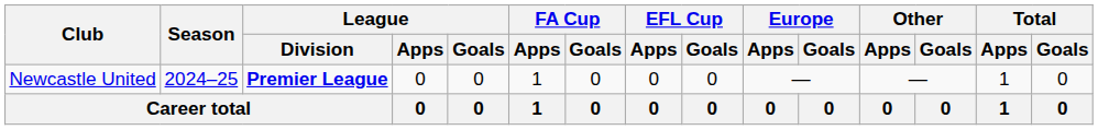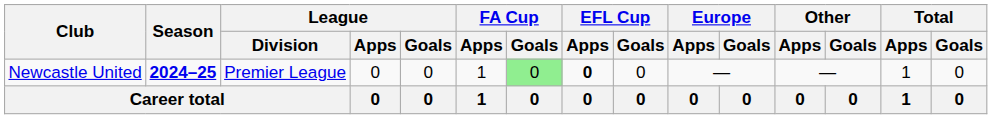 <table class="wikitable" style="text-align: center;">
 <tr>
 <th rowspan="2">Club</th>
 <th rowspan="2">Season</th>
 <th colspan="3">League</th>
 <th colspan="2"><a href='#'>FA Cup</a></th>
 <th colspan="2"><a href='#'>EFL Cup</a></th>
 <th colspan="2"><a href='#'>Europe</a></th>
 <th colspan="2">Other</th>
 <th colspan="2">Total</th>
 </tr>
 <tr>
 <th>Division</th>
 <th>Apps</th>
 <th>Goals</th>
 <th>Apps</th>
 <th>Goals</th>
 <th>Apps</th>
 <th>Goals</th>
 <th>Apps</th>
 <th>Goals</th>
 <th>Apps</th>
 <th>Goals</th>
 <th>Apps</th>
 <th>Goals</th>
 </tr>
 <tr>
 <td><a href='#'>Newcastle United</a></td>
-<td><a href='#'>2024–25</a></td>
-<td><strong><a href='#'>Premier League</a></strong></td>
+<td><strong><a href='#'>2024–25</a></strong></td>
+<td><a href='#'>Premier League</a></td>
 <td>0</td>
 <td>0</td>
 <td>1</td>
-<td>0</td>
-<td>0</td>
+<td style="background: lightgreen;">0</td>
+<td><strong>0</strong></td>
 <td>0</td>
 <td colspan="2">—</td>
 <td colspan="2">—</td>
 <td>1</td>
 <td>0</td>
 </tr>
 <tr>
 <th colspan="3">Career total</th>
 <th>0</th>
 <th>0</th>
 <th>1</th>
 <th>0</th>
 <th>0</th>
 <th>0</th>
 <th>0</th>
 <th>0</th>
 <th>0</th>
 <th>0</th>
 <th>1</th>
 <th>0</th>
 </tr>
 </table>
